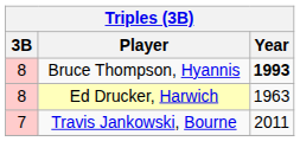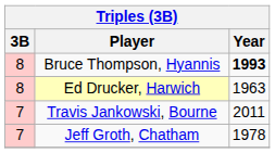 <table class="wikitable" style="display: inline-table; margin-right: 20px; text-align:center">
 <tr>
 <th colspan="3"><a href='#'>Triples (3B)</a></th>
 </tr>
 <tr>
 <th scope="col" style="width: 25px;">3B</th>
 <th scope="col" style="width: 200px;">Player</th>
 <th scope="col" style="width: 25px;">Year</th>
 </tr>
 <tr>
 <td bgcolor=#ffcccc>8</td>
 <td>Bruce Thompson, <a href='#'>Hyannis</a></td>
 <td><strong>1993</strong></td>
 </tr>
 <tr>
 <td bgcolor=#ffcccc>8</td>
 <td !scope="row" style="background:#ffb;">Ed Drucker, <a href='#'>Harwich</a></td>
 <td>1963</td>
 </tr>
 <tr>
 <td bgcolor=#ffcccc>7</td>
 <td><a href='#'>Travis Jankowski</a>, <a href='#'>Bourne</a></td>
 <td>2011</td>
 </tr>
 <tr>
+<td bgcolor=#ffcccc>7</td>
+<td><a href='#'>Jeff Groth</a>, <a href='#'>Chatham</a></td>
+<td>1978</td>
+</tr>
+<tr>
 </tr>
 </table>
